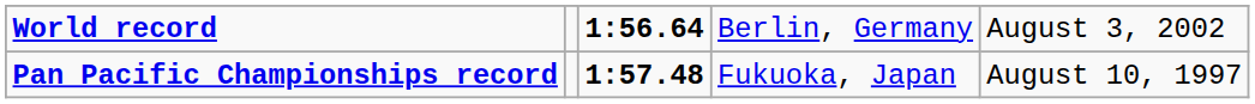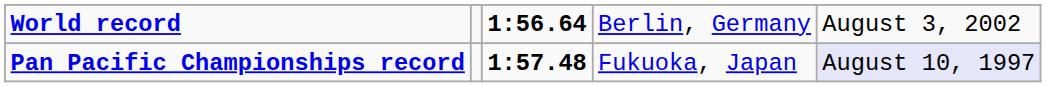 <table class="wikitable">
 <tr>
 <td><strong><a href='#'>World record</a></strong></td>
 <td></td>
 <td><strong>1:56.64</strong></td>
 <td><a href='#'>Berlin</a>, <a href='#'>Germany</a></td>
 <td>August 3, 2002</td>
 </tr>
 <tr>
 <td><strong><a href='#'>Pan Pacific Championships record</a></strong></td>
 <td></td>
 <td><strong>1:57.48</strong></td>
 <td><a href='#'>Fukuoka</a>, <a href='#'>Japan</a></td>
-<td>August 10, 1997</td>
+<td style="background: lavender;">August 10, 1997</td>
 </tr>
 </table>
